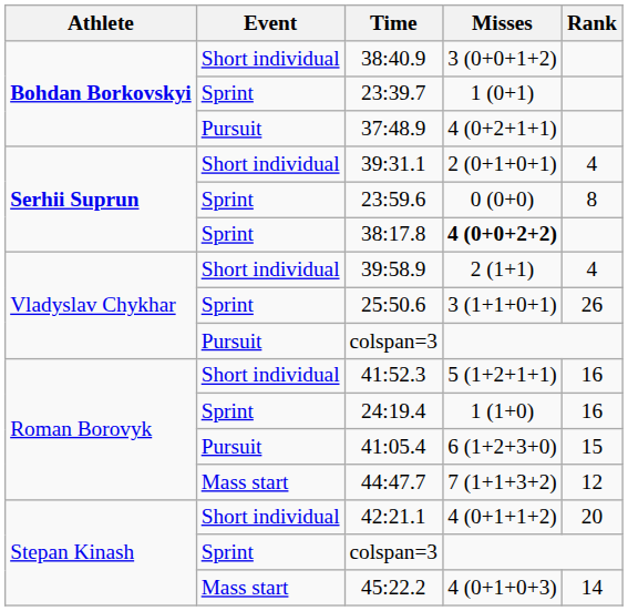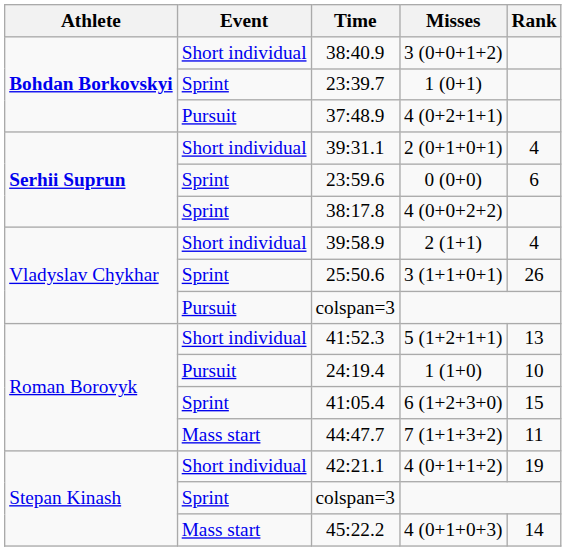 <table class=wikitable style=font-size:90%;text-align:center>
 <tr>
 <th>Athlete</th>
 <th>Event</th>
 <th>Time</th>
 <th>Misses</th>
 <th>Rank</th>
 </tr>
 <tr>
 <td rowspan="3" align="left"><strong><a href='#'>Bohdan Borkovskyi</a></strong></td>
 <td align=left><a href='#'>Short individual</a></td>
 <td>38:40.9</td>
 <td>3 (0+0+1+2)</td>
 <td></td>
 </tr>
 <tr>
 <td align=left><a href='#'>Sprint</a></td>
 <td>23:39.7</td>
 <td>1 (0+1)</td>
 <td></td>
 </tr>
 <tr>
 <td align=left><a href='#'>Pursuit</a></td>
 <td>37:48.9</td>
 <td>4 (0+2+1+1)</td>
 <td></td>
 </tr>
 <tr>
 <td rowspan="3" align="left"><strong><a href='#'>Serhii Suprun</a></strong></td>
 <td align=left><a href='#'>Short individual</a></td>
 <td>39:31.1</td>
 <td>2 (0+1+0+1)</td>
 <td>4</td>
 </tr>
 <tr>
 <td align=left><a href='#'>Sprint</a></td>
 <td>23:59.6</td>
 <td>0 (0+0)</td>
-<td>8</td>
+<td>6</td>
 </tr>
 <tr>
 <td align=left><a href='#'>Sprint</a></td>
 <td>38:17.8</td>
-<td><strong>4 (0+0+2+2)</strong></td>
+<td>4 (0+0+2+2)</td>
 <td></td>
 </tr>
 <tr>
 <td rowspan="3" align="left"><a href='#'>Vladyslav Chykhar</a></td>
 <td align="left"><a href='#'>Short individual</a></td>
 <td>39:58.9</td>
 <td>2 (1+1)</td>
 <td>4</td>
 </tr>
 <tr>
 <td align=left><a href='#'>Sprint</a></td>
 <td>25:50.6</td>
 <td>3 (1+1+0+1)</td>
 <td>26</td>
 </tr>
 <tr>
 <td align=left><a href='#'>Pursuit</a></td>
 <td>colspan=3 </td>
 </tr>
 <tr>
 <td rowspan="4" align="left"><a href='#'>Roman Borovyk</a></td>
 <td align="left"><a href='#'>Short individual</a></td>
 <td>41:52.3</td>
 <td>5 (1+2+1+1)</td>
-<td>16</td>
+<td>13</td>
+</tr>
+<tr>
+<td align=left><a href='#'>Pursuit</a></td>
+<td>24:19.4</td>
+<td>1 (1+0)</td>
+<td>10</td>
 </tr>
 <tr>
 <td align=left><a href='#'>Sprint</a></td>
-<td>24:19.4</td>
-<td>1 (1+0)</td>
-<td>16</td>
-</tr>
-<tr>
-<td align=left><a href='#'>Pursuit</a></td>
 <td>41:05.4</td>
 <td>6 (1+2+3+0)</td>
 <td>15</td>
 </tr>
 <tr>
 <td align=left><a href='#'>Mass start</a></td>
 <td>44:47.7</td>
 <td>7 (1+1+3+2)</td>
-<td>12</td>
+<td>11</td>
 </tr>
 <tr>
 <td rowspan="3" align="left"><a href='#'>Stepan Kinash</a></td>
 <td align="left"><a href='#'>Short individual</a></td>
 <td>42:21.1</td>
 <td>4 (0+1+1+2)</td>
-<td>20</td>
+<td>19</td>
 </tr>
 <tr>
 <td align=left><a href='#'>Sprint</a></td>
 <td>colspan=3 </td>
 </tr>
 <tr>
 <td align=left><a href='#'>Mass start</a></td>
 <td>45:22.2</td>
 <td>4 (0+1+0+3)</td>
 <td>14</td>
 </tr>
 </table>
